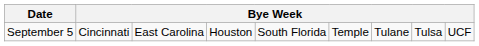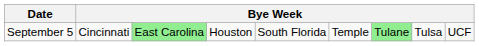 <table class="wikitable" style="font-size:95%;">
 <tr>
 <th>Date</th>
 <th colspan="8">Bye Week</th>
 </tr>
 <tr>
 <td>September 5</td>
 <td>Cincinnati</td>
-<td>East Carolina</td>
+<td style="background: lightgreen;">East Carolina</td>
 <td>Houston</td>
 <td>South Florida</td>
 <td>Temple</td>
-<td>Tulane</td>
+<td style="background: lightgreen;">Tulane</td>
 <td>Tulsa</td>
 <td>UCF</td>
 </tr>
 </table>
